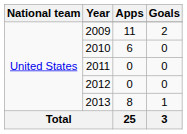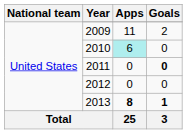 <table class="wikitable" style="text-align: center">
 <tr>
 <th>National team</th>
 <th>Year</th>
 <th>Apps</th>
 <th>Goals</th>
 </tr>
 <tr>
 <td rowspan="6"><a href='#'>United States</a></td>
 </tr>
 <tr>
 <td>2009</td>
 <td>11</td>
 <td>2</td>
 </tr>
 <tr>
 <td>2010</td>
-<td>6</td>
+<td style="background: paleturquoise;">6</td>
 <td>0</td>
 </tr>
 <tr>
 <td>2011</td>
 <td>0</td>
-<td>0</td>
+<td><strong>0</strong></td>
 </tr>
 <tr>
 <td>2012</td>
 <td>0</td>
 <td>0</td>
 </tr>
 <tr>
 <td>2013</td>
-<td>8</td>
-<td>1</td>
+<td><strong>8</strong></td>
+<td><strong>1</strong></td>
 </tr>
 <tr>
 <th colspan=2>Total</th>
 <th>25</th>
 <th>3</th>
 </tr>
 </table>
